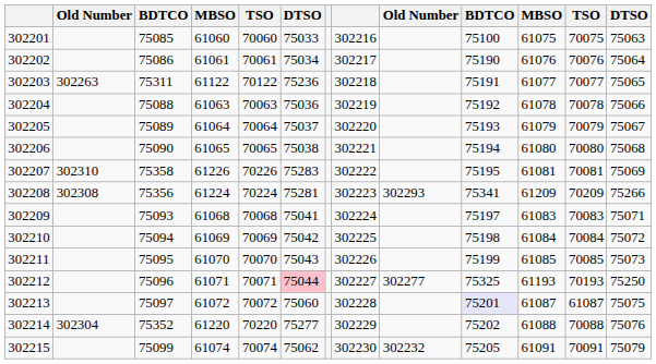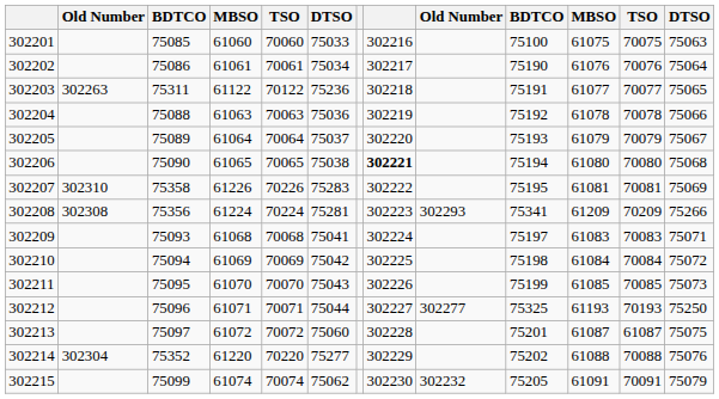 <table class="wikitable">
 <tr>
 <th></th>
 <th>Old Number</th>
 <th>BDTCO</th>
 <th>MBSO</th>
 <th>TSO</th>
 <th>DTSO</th>
 <th></th>
 <th></th>
 <th>Old Number</th>
 <th>BDTCO</th>
 <th>MBSO</th>
 <th>TSO</th>
 <th>DTSO</th>
 </tr>
 <tr>
 <td>302201</td>
 <td></td>
 <td>75085</td>
 <td>61060</td>
 <td>70060</td>
 <td>75033</td>
 <td></td>
 <td>302216</td>
 <td></td>
 <td>75100</td>
 <td>61075</td>
 <td>70075</td>
 <td>75063</td>
 </tr>
 <tr>
 <td>302202</td>
 <td></td>
 <td>75086</td>
 <td>61061</td>
 <td>70061</td>
 <td>75034</td>
 <td></td>
 <td>302217</td>
 <td></td>
 <td>75190</td>
 <td>61076</td>
 <td>70076</td>
 <td>75064</td>
 </tr>
 <tr>
 <td>302203</td>
 <td>302263</td>
 <td>75311</td>
 <td>61122</td>
 <td>70122</td>
 <td>75236</td>
 <td></td>
 <td>302218</td>
 <td></td>
 <td>75191</td>
 <td>61077</td>
 <td>70077</td>
 <td>75065</td>
 </tr>
 <tr>
 <td>302204</td>
 <td></td>
 <td>75088</td>
 <td>61063</td>
 <td>70063</td>
 <td>75036</td>
 <td></td>
 <td>302219</td>
 <td></td>
 <td>75192</td>
 <td>61078</td>
 <td>70078</td>
 <td>75066</td>
 </tr>
 <tr>
 <td>302205</td>
 <td></td>
 <td>75089</td>
 <td>61064</td>
 <td>70064</td>
 <td>75037</td>
 <td></td>
 <td>302220</td>
 <td></td>
 <td>75193</td>
 <td>61079</td>
 <td>70079</td>
 <td>75067</td>
 </tr>
 <tr>
 <td>302206</td>
 <td></td>
 <td>75090</td>
 <td>61065</td>
 <td>70065</td>
 <td>75038</td>
 <td></td>
-<td>302221</td>
+<td><strong>302221</strong></td>
 <td></td>
 <td>75194</td>
 <td>61080</td>
 <td>70080</td>
 <td>75068</td>
 </tr>
 <tr>
 <td>302207</td>
 <td>302310</td>
 <td>75358</td>
 <td>61226</td>
 <td>70226</td>
 <td>75283</td>
 <td></td>
 <td>302222</td>
 <td></td>
 <td>75195</td>
 <td>61081</td>
 <td>70081</td>
 <td>75069</td>
 </tr>
 <tr>
 <td>302208</td>
 <td>302308</td>
 <td>75356</td>
 <td>61224</td>
 <td>70224</td>
 <td>75281</td>
 <td></td>
 <td>302223</td>
 <td>302293</td>
 <td>75341</td>
 <td>61209</td>
 <td>70209</td>
 <td>75266</td>
 </tr>
 <tr>
 <td>302209</td>
 <td></td>
 <td>75093</td>
 <td>61068</td>
 <td>70068</td>
 <td>75041</td>
 <td></td>
 <td>302224</td>
 <td></td>
 <td>75197</td>
 <td>61083</td>
 <td>70083</td>
 <td>75071</td>
 </tr>
 <tr>
 <td>302210</td>
 <td></td>
 <td>75094</td>
 <td>61069</td>
 <td>70069</td>
 <td>75042</td>
 <td></td>
 <td>302225</td>
 <td></td>
 <td>75198</td>
 <td>61084</td>
 <td>70084</td>
 <td>75072</td>
 </tr>
 <tr>
 <td>302211</td>
 <td></td>
 <td>75095</td>
 <td>61070</td>
 <td>70070</td>
 <td>75043</td>
 <td></td>
 <td>302226</td>
 <td></td>
 <td>75199</td>
 <td>61085</td>
 <td>70085</td>
 <td>75073</td>
 </tr>
 <tr>
 <td>302212</td>
 <td></td>
 <td>75096</td>
 <td>61071</td>
 <td>70071</td>
-<td style="background: pink;">75044</td>
+<td>75044</td>
 <td></td>
 <td>302227</td>
 <td>302277</td>
 <td>75325</td>
 <td>61193</td>
 <td>70193</td>
 <td>75250</td>
 </tr>
 <tr>
 <td>302213</td>
 <td></td>
 <td>75097</td>
 <td>61072</td>
 <td>70072</td>
 <td>75060</td>
 <td></td>
 <td>302228</td>
 <td></td>
-<td style="background: lavender;">75201</td>
+<td>75201</td>
 <td>61087</td>
 <td>61087</td>
 <td>75075</td>
 </tr>
 <tr>
 <td>302214</td>
 <td>302304</td>
 <td>75352</td>
 <td>61220</td>
 <td>70220</td>
 <td>75277</td>
 <td></td>
 <td>302229</td>
 <td></td>
 <td>75202</td>
 <td>61088</td>
 <td>70088</td>
 <td>75076</td>
 </tr>
 <tr>
 <td>302215</td>
 <td></td>
 <td>75099</td>
 <td>61074</td>
 <td>70074</td>
 <td>75062</td>
 <td></td>
 <td>302230</td>
 <td>302232</td>
 <td>75205</td>
 <td>61091</td>
 <td>70091</td>
 <td>75079</td>
 </tr>
 </table>
